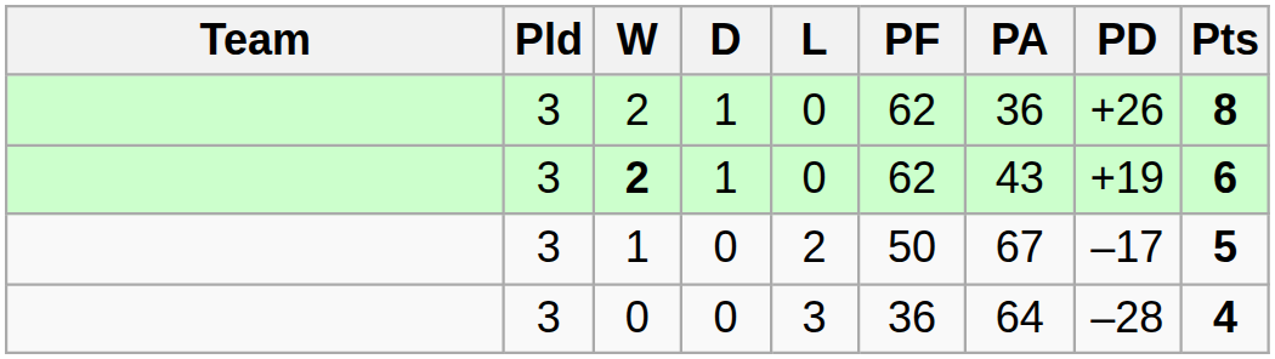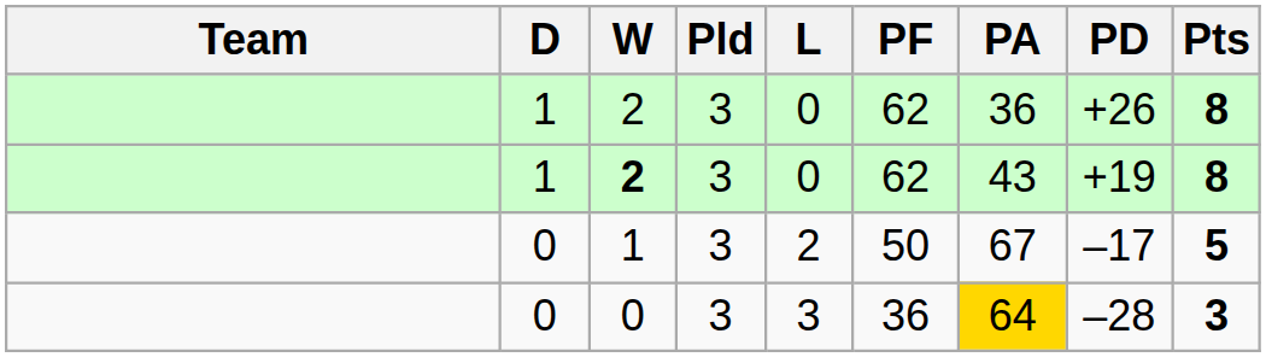 <table class="wikitable" style="text-align:center;">
 <tr>
 <th width=175>Team</th>
+<th width=25 abbr="Drawn">D</th>
+<th width=25 abbr="Won">W</th>
 <th width=25 abbr="Played">Pld</th>
-<th width=25 abbr="Won">W</th>
-<th width=25 abbr="Drawn">D</th>
 <th width=25 abbr="Lost">L</th>
 <th width=32 abbr="Points for">PF</th>
 <th width=32 abbr="Points against">PA</th>
 <th width=32 abbr="Points difference">PD</th>
 <th width=25 abbr="Points">Pts</th>
 </tr>
 <tr bgcolor=ccffcc>
 <td align=left></td>
+<td>1</td>
+<td>2</td>
 <td>3</td>
-<td>2</td>
-<td>1</td>
 <td>0</td>
 <td>62</td>
 <td>36</td>
 <td>+26</td>
 <td><strong>8</strong></td>
 </tr>
 <tr bgcolor=ccffcc>
 <td align=left></td>
+<td>1</td>
+<td><strong>2</strong></td>
 <td>3</td>
-<td><strong>2</strong></td>
-<td>1</td>
 <td>0</td>
 <td>62</td>
 <td>43</td>
 <td>+19</td>
-<td><strong>6</strong></td>
+<td><strong>8</strong></td>
 </tr>
 <tr>
 <td align=left></td>
+<td>0</td>
+<td>1</td>
 <td>3</td>
-<td>1</td>
-<td>0</td>
 <td>2</td>
 <td>50</td>
 <td>67</td>
 <td>–17</td>
 <td><strong>5</strong></td>
 </tr>
 <tr>
 <td align=left></td>
-<td>3</td>
 <td>0</td>
 <td>0</td>
 <td>3</td>
+<td>3</td>
 <td>36</td>
-<td>64</td>
+<td style="background: gold;">64</td>
 <td>–28</td>
-<td><strong>4</strong></td>
+<td><strong>3</strong></td>
 </tr>
 </table>
